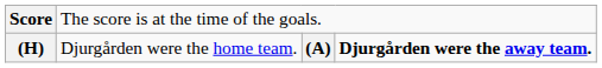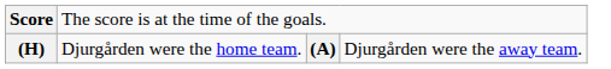 <table class="wikitable">
 <tr>
 <th>Score</th>
 <td colspan="3">The score is at the time of the goals.</td>
 </tr>
 <tr>
 <th>(H)</th>
 <td>Djurgården were the <a href='#'>home team</a>.</td>
 <th>(A)</th>
-<td><strong>Djurgården were the <a href='#'>away team</a>.</strong></td>
+<td>Djurgården were the <a href='#'>away team</a>.</td>
 </tr>
 </table>
